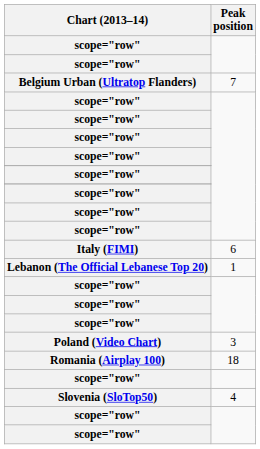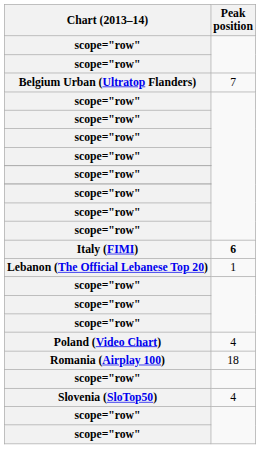 <table class="wikitable sortable plainrowheaders">
 <tr>
 <th scope="col">Chart (2013–14)</th>
 <th scope="col">Peak<br>position</th>
 </tr>
 <tr>
 <th>scope="row"</th>
 </tr>
 <tr>
 <th>scope="row"</th>
 </tr>
 <tr>
 <th scope="row">Belgium Urban (<a href='#'>Ultratop</a> Flanders)</th>
 <td align=center>7</td>
 </tr>
 <tr>
 <th>scope="row"</th>
 </tr>
 <tr>
 <th>scope="row"</th>
 </tr>
 <tr>
 <th>scope="row"</th>
 </tr>
 <tr>
 <th>scope="row"</th>
 </tr>
 <tr>
 </tr>
 <tr>
 <th>scope="row"</th>
 </tr>
 <tr>
 </tr>
 <tr>
 <th>scope="row" </th>
 </tr>
 <tr>
 <th>scope="row" </th>
 </tr>
 <tr>
 <th>scope="row" </th>
 </tr>
 <tr>
 <th scope="row">Italy (<a href='#'>FIMI</a>)</th>
-<td align="center">6</td>
+<td align="center"><strong>6</strong></td>
 </tr>
 <tr>
 <th scope="row">Lebanon (<a href='#'>The Official Lebanese Top 20</a>)</th>
 <td style="text-align:center;">1</td>
 </tr>
 <tr>
 <th>scope="row"</th>
 </tr>
 <tr>
 <th>scope="row"</th>
 </tr>
 <tr>
 <th>scope="row"</th>
 </tr>
 <tr>
 <th scope="row">Poland (<a href='#'>Video Chart</a>)</th>
-<td align=center>3</td>
+<td align=center>4</td>
 </tr>
 <tr>
 <th scope="row">Romania (<a href='#'>Airplay 100</a>)</th>
 <td style="text-align:center;">18</td>
 </tr>
 <tr>
 <th>scope="row" </th>
 </tr>
 <tr>
 <th scope="row">Slovenia (<a href='#'>SloTop50</a>)</th>
 <td align=center>4</td>
 </tr>
 <tr>
 <th>scope="row"</th>
 </tr>
 <tr>
 <th>scope="row"</th>
 </tr>
 </table>
